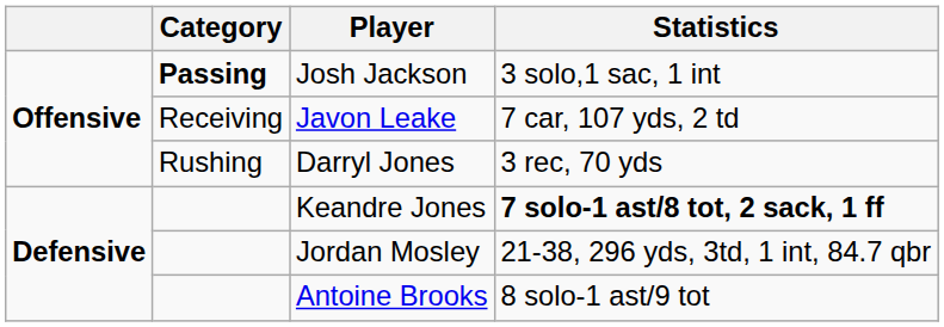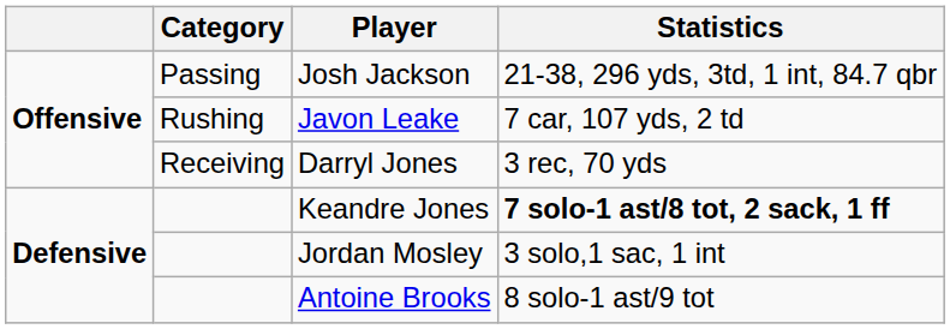 <table class="wikitable" style="float: left;">
 <tr>
 <th></th>
 <th>Category</th>
 <th>Player</th>
 <th>Statistics</th>
 </tr>
 <tr>
 <td rowspan=3><strong>Offensive</strong></td>
-<td><strong>Passing</strong></td>
+<td>Passing</td>
 <td>Josh Jackson</td>
-<td>3 solo,1 sac, 1 int</td>
+<td>21-38, 296 yds, 3td, 1 int, 84.7 qbr</td>
 </tr>
 <tr>
-<td>Receiving</td>
+<td>Rushing</td>
 <td><a href='#'>Javon Leake</a></td>
 <td>7 car, 107 yds, 2 td</td>
 </tr>
 <tr>
-<td>Rushing</td>
+<td>Receiving</td>
 <td>Darryl Jones</td>
 <td>3 rec, 70 yds</td>
 </tr>
 <tr>
 <td rowspan=3><strong>Defensive</strong></td>
 <td></td>
 <td>Keandre Jones</td>
 <td><strong>7 solo-1 ast/8 tot, 2 sack, 1 ff</strong></td>
 </tr>
 <tr>
 <td></td>
 <td>Jordan Mosley</td>
-<td>21-38, 296 yds, 3td, 1 int, 84.7 qbr</td>
+<td>3 solo,1 sac, 1 int</td>
 </tr>
 <tr>
 <td></td>
 <td><a href='#'>Antoine Brooks</a></td>
 <td>8 solo-1 ast/9 tot</td>
 </tr>
 </table>
